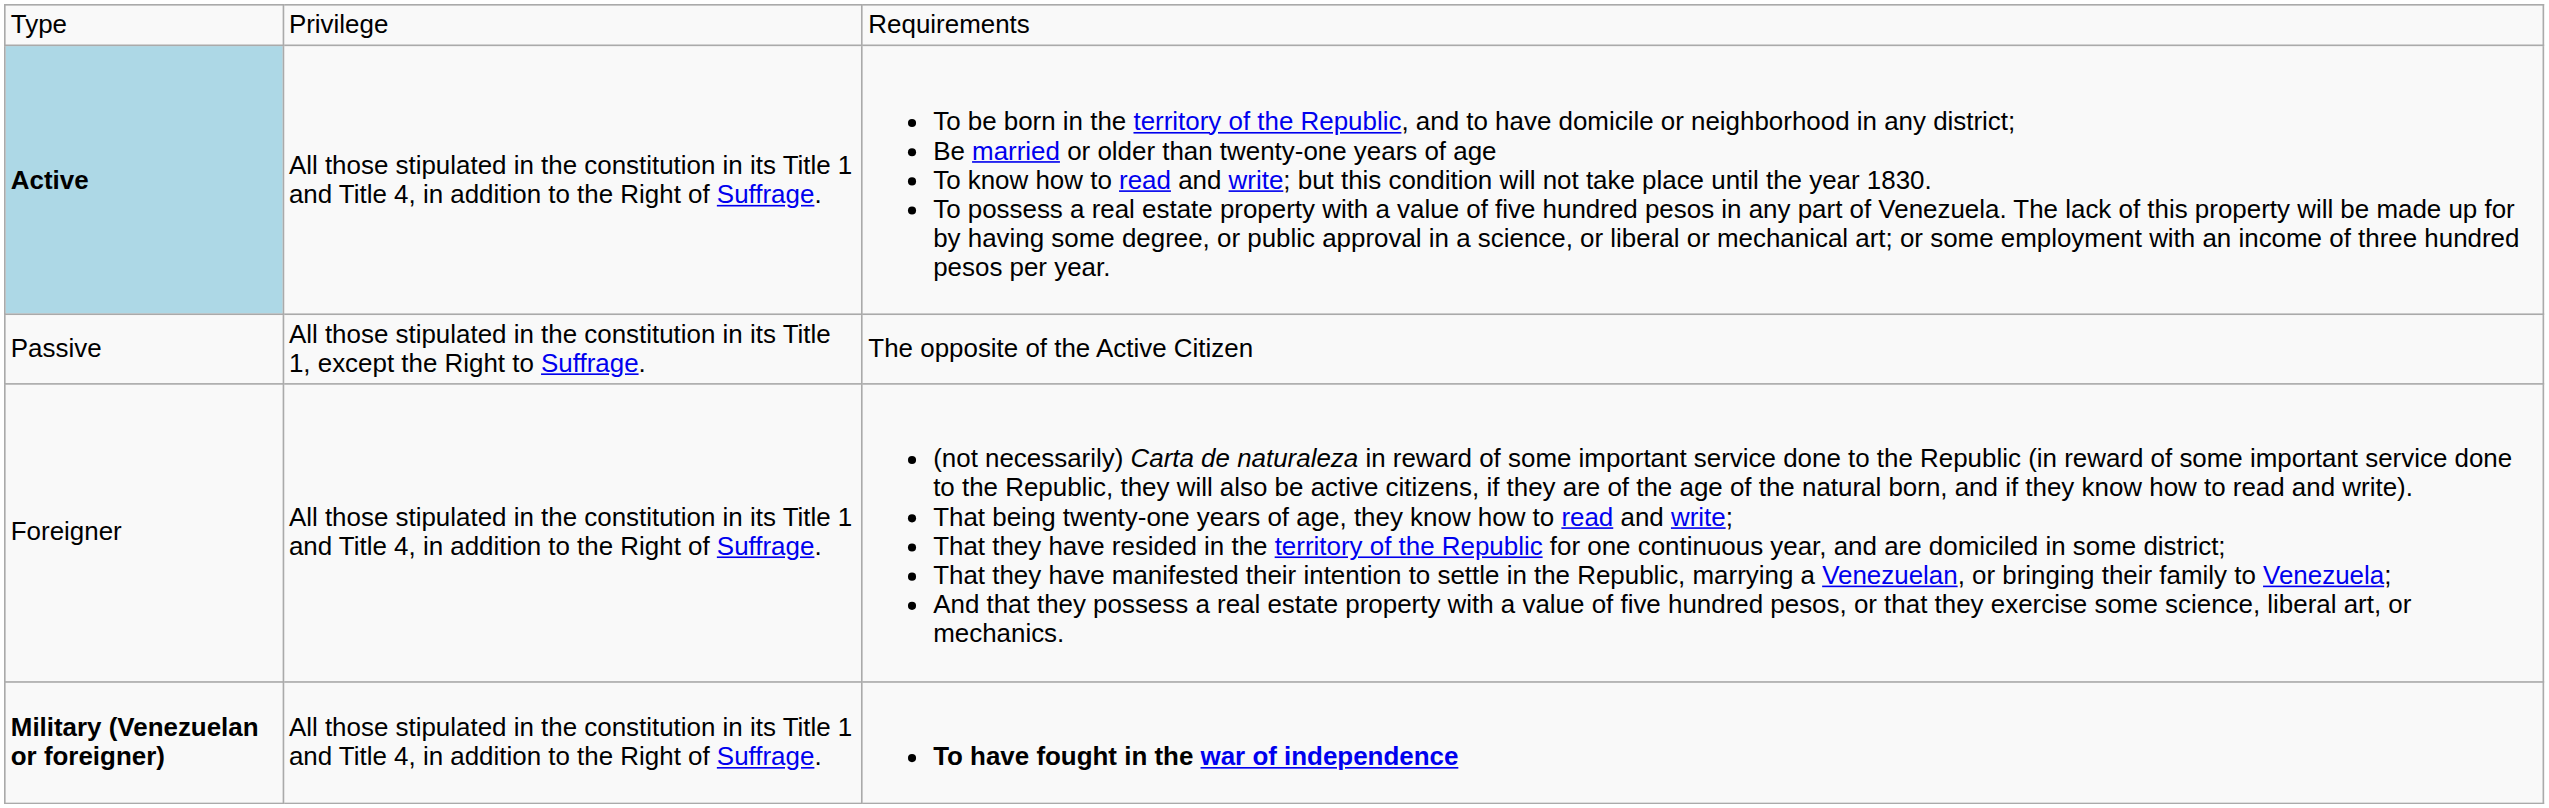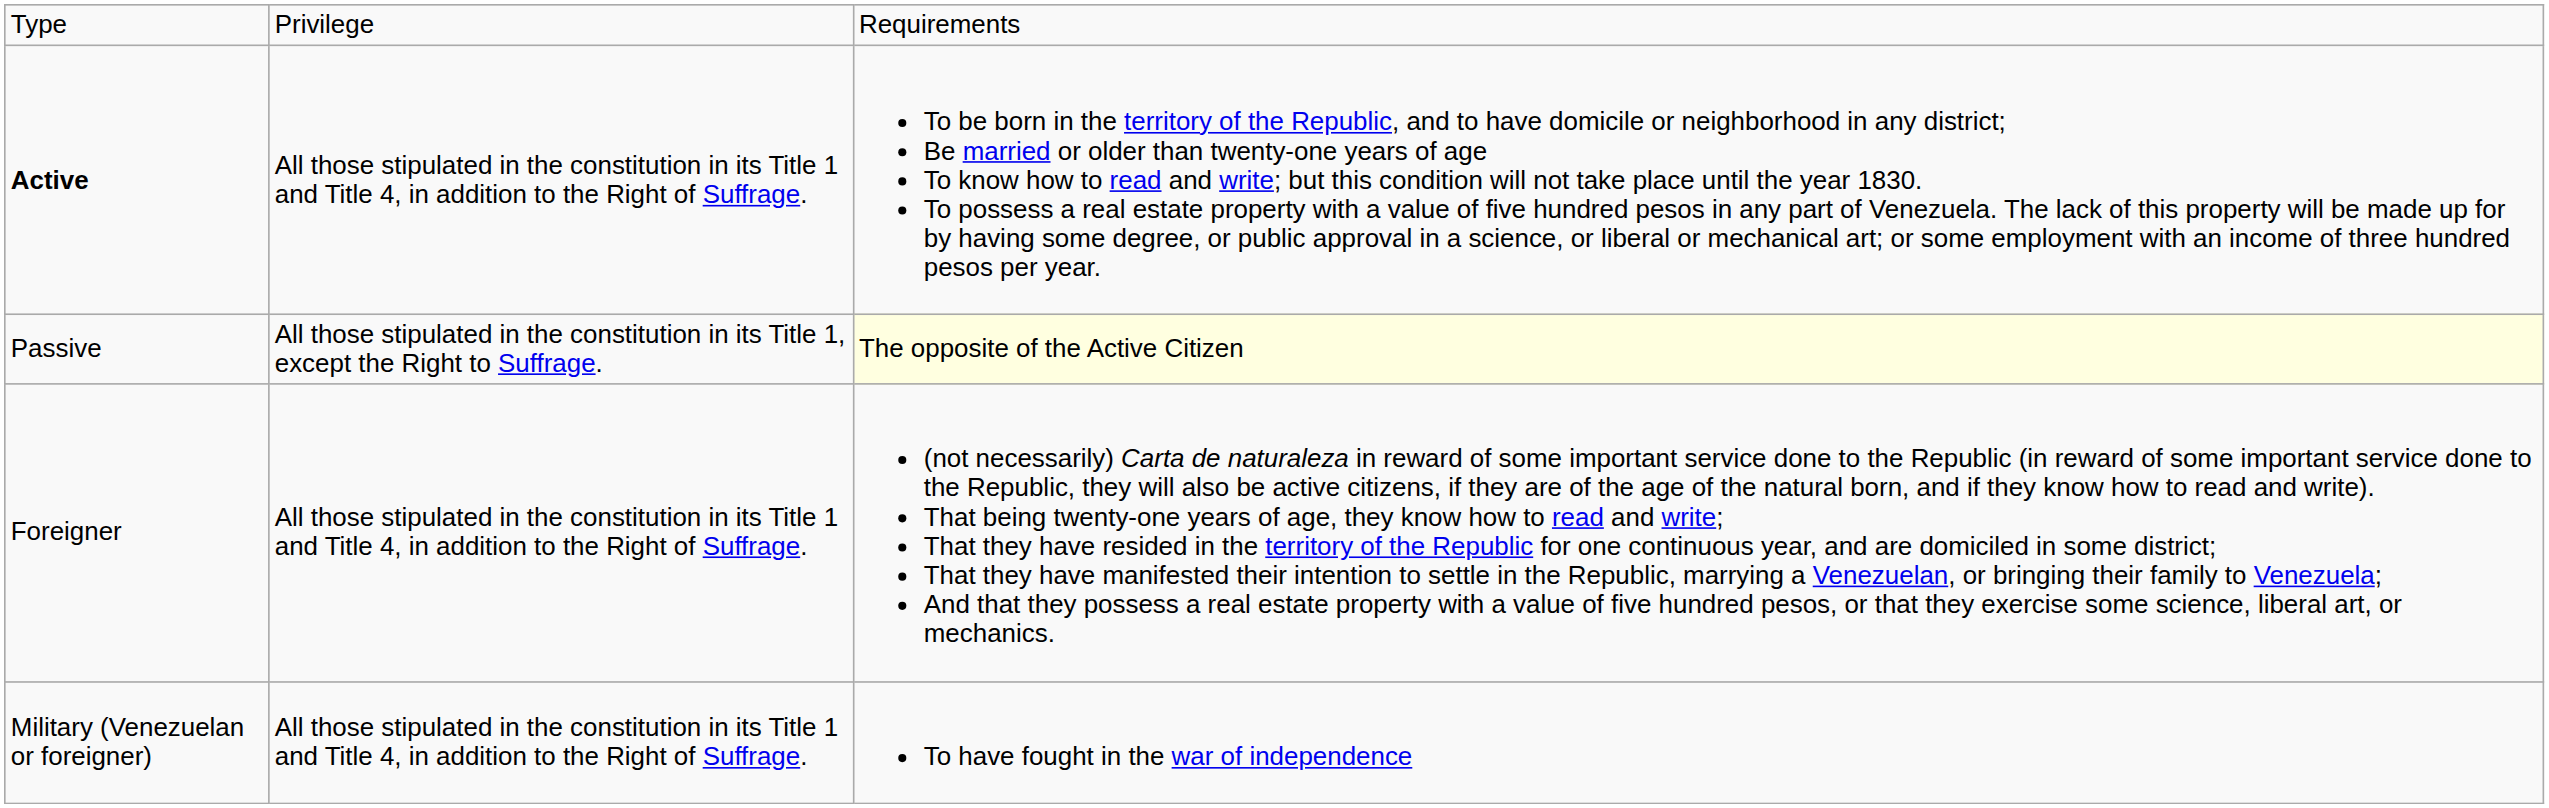 <table class="wikitable">
 <tr>
 <td>Type</td>
 <td>Privilege</td>
 <td>Requirements</td>
 </tr>
 <tr>
-<td style="background: lightblue;"><span><strong>Active</strong></span></td>
+<td><span><strong>Active</strong></span></td>
 <td>All those stipulated in the constitution in its Title 1 and Title 4, in addition to the Right of <a href='#'>Suffrage</a>.</td>
 <td><br><ul><li>To be born in the <a href='#'>territory of the Republic</a>, and to have domicile or neighborhood in any district;</li><li>Be <a href='#'>married</a> or older than twenty-one years of age</li><li>To know how to <a href='#'>read</a> and <a href='#'>write</a>; but this condition will not take place until the year 1830.</li><li>To possess a real estate property with a value of five hundred pesos in any part of Venezuela. The lack of this property will be made up for by having some degree, or public approval in a science, or liberal or mechanical art; or some employment with an income of three hundred pesos per year.</li></ul></td>
 </tr>
 <tr>
 <td>Passive</td>
 <td>All those stipulated in the constitution in its Title 1, except the Right to <a href='#'>Suffrage</a>.</td>
-<td>The opposite of the Active Citizen</td>
+<td style="background: lightyellow;">The opposite of the Active Citizen</td>
 </tr>
 <tr>
 <td>Foreigner</td>
 <td>All those stipulated in the constitution in its Title 1 and Title 4, in addition to the Right of <a href='#'>Suffrage</a>.</td>
 <td><br><ul><li>(not necessarily) <em>Carta de naturaleza</em> in reward of some important service done to the Republic (in reward of some important service done to the Republic, they will also be active citizens, if they are of the age of the natural born, and if they know how to read and write).</li><li>That being twenty-one years of age, they know how to <a href='#'>read</a> and <a href='#'>write</a>;</li><li>That they have resided in the <a href='#'>territory of the Republic</a> for one continuous year, and are domiciled in some district;</li><li>That they have manifested their intention to settle in the Republic, marrying a <a href='#'>Venezuelan</a>, or bringing their family to <a href='#'>Venezuela</a>;</li><li>And that they possess a real estate property with a value of five hundred pesos, or that they exercise some science, liberal art, or mechanics.</li></ul></td>
 </tr>
 <tr>
-<td><strong>Military (Venezuelan or foreigner)</strong></td>
+<td>Military (Venezuelan or foreigner)</td>
 <td>All those stipulated in the constitution in its Title 1 and Title 4, in addition to the Right of <a href='#'>Suffrage</a>.</td>
-<td><strong><br><ul><li>To have fought in the <a href='#'>war of independence</a></li></ul></strong></td>
+<td><br><ul><li>To have fought in the <a href='#'>war of independence</a></li></ul></td>
 </tr>
 </table>
